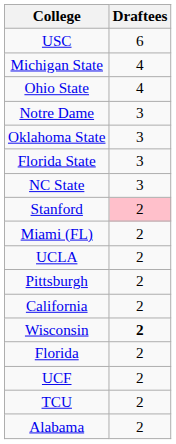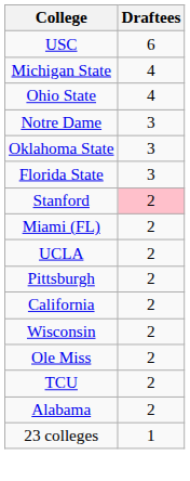 <table class="wikitable" style="text-align:center">
 <tr>
 <th>College</th>
 <th>Draftees</th>
 </tr>
 <tr>
 <td><a href='#'>USC</a></td>
 <td>6</td>
 </tr>
 <tr>
 <td><a href='#'>Michigan State</a></td>
 <td>4</td>
 </tr>
 <tr>
 <td><a href='#'>Ohio State</a></td>
 <td>4</td>
 </tr>
 <tr>
 <td><a href='#'>Notre Dame</a></td>
 <td>3</td>
 </tr>
 <tr>
 <td><a href='#'>Oklahoma State</a></td>
 <td>3</td>
 </tr>
 <tr>
 <td><a href='#'>Florida State</a></td>
 <td>3</td>
 </tr>
 <tr>
-<td><a href='#'>NC State</a></td>
-<td>3</td>
-</tr>
-<tr>
 <td><a href='#'>Stanford</a></td>
 <td style="background: pink;">2</td>
 </tr>
 <tr>
 <td><a href='#'>Miami (FL)</a></td>
 <td>2</td>
 </tr>
 <tr>
 <td><a href='#'>UCLA</a></td>
 <td>2</td>
 </tr>
 <tr>
 <td><a href='#'>Pittsburgh</a></td>
 <td>2</td>
 </tr>
 <tr>
 <td><a href='#'>California</a></td>
 <td>2</td>
 </tr>
 <tr>
 <td><a href='#'>Wisconsin</a></td>
-<td><strong>2</strong></td>
-</tr>
-<tr>
-<td><a href='#'>Florida</a></td>
 <td>2</td>
 </tr>
 <tr>
-<td><a href='#'>UCF</a></td>
+<td><a href='#'>Ole Miss</a></td>
 <td>2</td>
 </tr>
 <tr>
 <td><a href='#'>TCU</a></td>
 <td>2</td>
 </tr>
 <tr>
 <td><a href='#'>Alabama</a></td>
 <td>2</td>
 </tr>
+<tr>
+<td>23 colleges</td>
+<td>1</td>
+</tr>
 </table>
